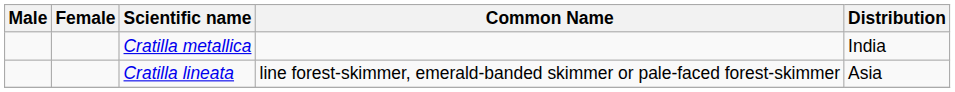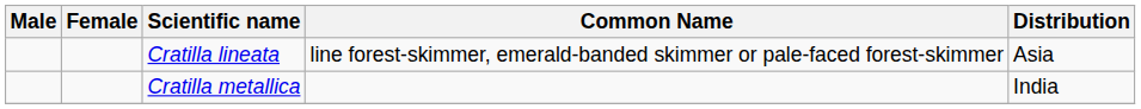 <table class="wikitable">
 <tr>
 <th>Male</th>
 <th>Female</th>
 <th>Scientific name</th>
 <th>Common Name</th>
 <th>Distribution</th>
 </tr>
 <tr>
 <td></td>
 <td></td>
+<td><em><a href='#'>Cratilla lineata</a></em></td>
+<td>line forest-skimmer, emerald-banded skimmer or pale-faced forest-skimmer</td>
+<td>Asia</td>
+</tr>
+<tr>
+<td></td>
+<td></td>
 <td><em><a href='#'>Cratilla metallica</a></em></td>
 <td></td>
 <td>India</td>
 </tr>
 <tr>
-<td></td>
-<td></td>
-<td><em><a href='#'>Cratilla lineata</a></em></td>
-<td>line forest-skimmer, emerald-banded skimmer or pale-faced forest-skimmer</td>
-<td>Asia</td>
-</tr>
-<tr>
 </tr>
 </table>
